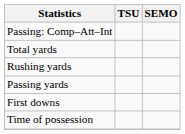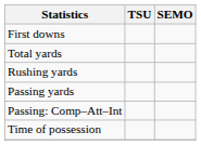 <table class="wikitable" style="float: left;">
 <tr>
 <th>Statistics</th>
 <th>TSU</th>
 <th>SEMO</th>
 </tr>
 <tr>
-<td>Passing: Comp–Att–Int</td>
+<td>First downs</td>
 <td></td>
 <td></td>
 </tr>
 <tr>
 <td>Total yards</td>
 <td></td>
 <td></td>
 </tr>
 <tr>
 <td>Rushing yards</td>
 <td></td>
 <td></td>
 </tr>
 <tr>
 <td>Passing yards</td>
 <td></td>
 <td></td>
 </tr>
 <tr>
-<td>First downs</td>
+<td>Passing: Comp–Att–Int</td>
 <td></td>
 <td></td>
 </tr>
 <tr>
 <td>Time of possession</td>
 <td></td>
 <td></td>
 </tr>
 <tr>
 </tr>
 </table>
